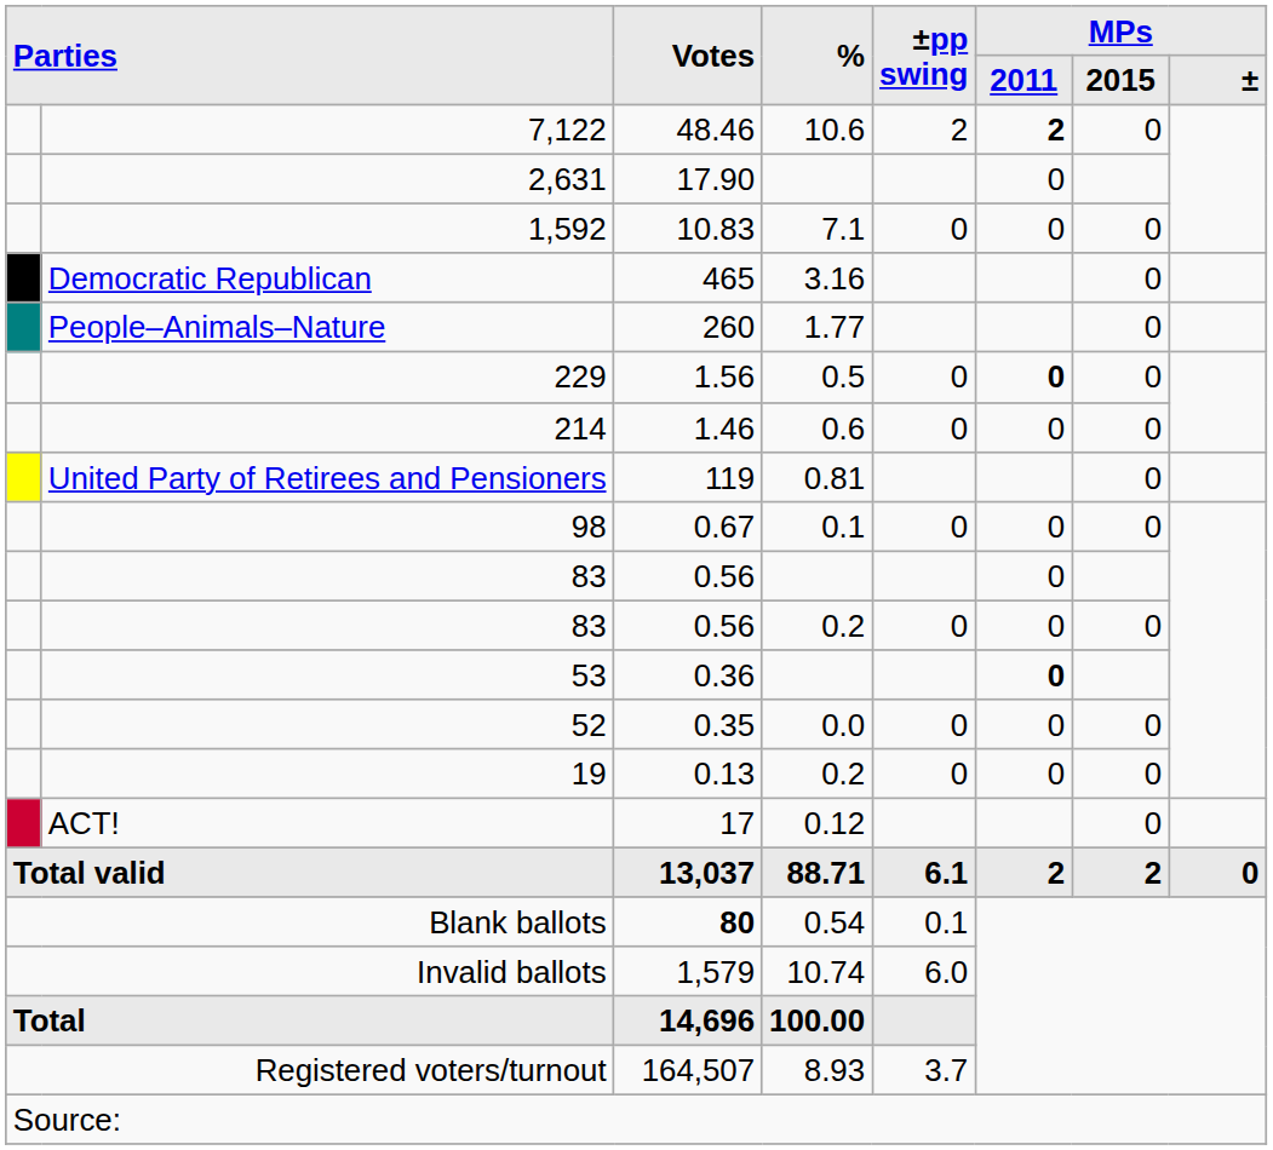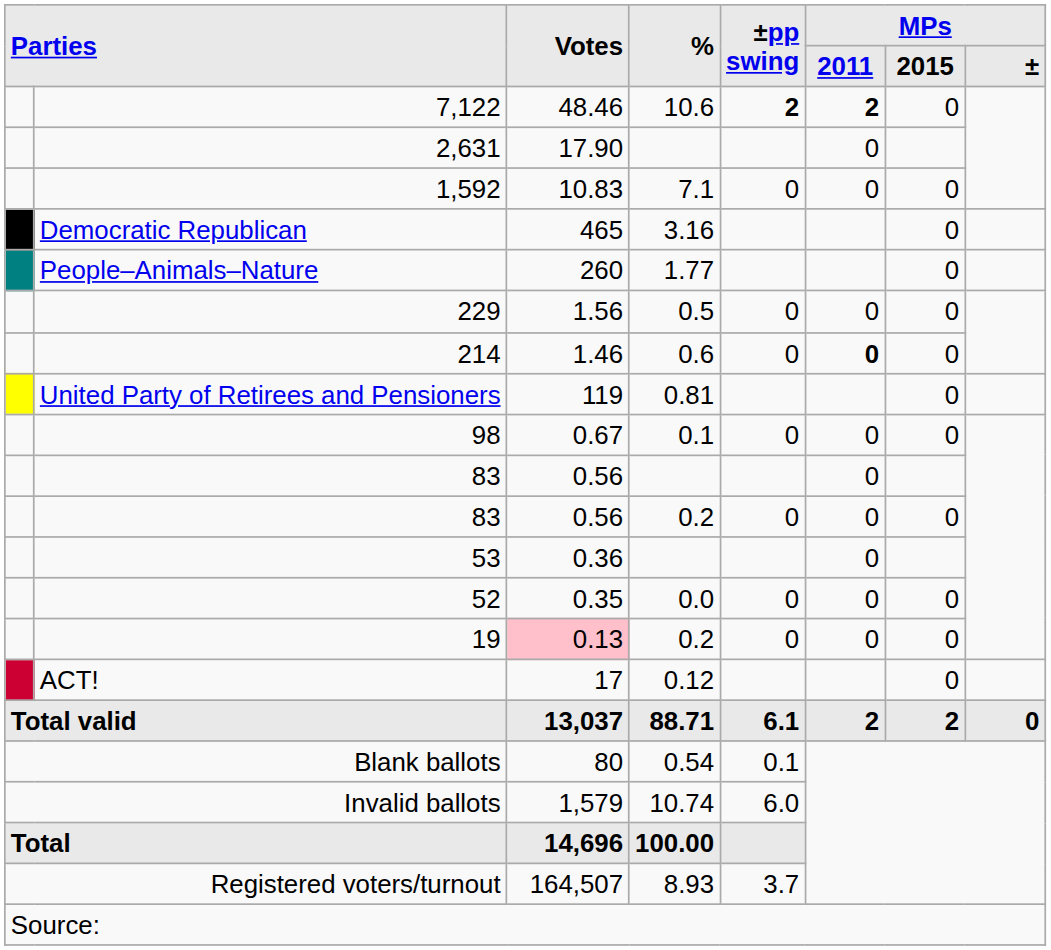 <table class="wikitable" style="text-align:right; font-size:95%;">
 <tr>
 <th rowspan="2" colspan="2" style="background:#e9e9e9; text-align:left;" alignleft><a href='#'>Parties</a></th>
 <th rowspan="2" style="background:#e9e9e9; text-align:right;">Votes</th>
 <th rowspan="2" style="background:#e9e9e9; text-align:right;">%</th>
 <th rowspan="2" style="background:#e9e9e9; text-align:right;">±<a href='#'>pp</a> <a href='#'>swing</a></th>
 <th colspan="3" style="background:#e9e9e9; text-align:center;"><a href='#'>MPs</a></th>
 </tr>
 <tr style="background-color:#E9E9E9">
 <th style="background-color:#E9E9E9;text-align:center;"><a href='#'>2011</a></th>
 <th style="background-color:#E9E9E9;text-align:center;">2015</th>
 <th style="background:#e9e9e9; text-align:right;">±</th>
 </tr>
 <tr>
 <td> </td>
 <td>7,122</td>
 <td>48.46</td>
 <td>10.6</td>
-<td>2</td>
+<td><strong>2</strong></td>
 <td><strong>2</strong></td>
 <td>0</td>
 </tr>
 <tr>
 <td></td>
 <td>2,631</td>
 <td>17.90</td>
 <td></td>
 <td></td>
 <td>0</td>
 <td></td>
 </tr>
 <tr>
 <td></td>
 <td>1,592</td>
 <td>10.83</td>
 <td>7.1</td>
 <td>0</td>
 <td>0</td>
 <td>0</td>
 </tr>
 <tr>
 <td style="width: 10px" bgcolor=black align="center"></td>
 <td align=left><a href='#'>Democratic Republican</a></td>
 <td>465</td>
 <td>3.16</td>
 <td></td>
 <td></td>
 <td>0</td>
 <td></td>
 </tr>
 <tr>
 <td style="width: 10px" bgcolor="teal" align="center"></td>
 <td align="left"><a href='#'>People–Animals–Nature</a></td>
 <td>260</td>
 <td>1.77</td>
 <td></td>
 <td></td>
 <td>0</td>
 <td></td>
 </tr>
 <tr>
 <td></td>
 <td>229</td>
 <td>1.56</td>
 <td>0.5</td>
 <td>0</td>
-<td><strong>0</strong></td>
+<td>0</td>
 <td>0</td>
 </tr>
 <tr>
 <td></td>
 <td>214</td>
 <td>1.46</td>
 <td>0.6</td>
 <td>0</td>
-<td>0</td>
+<td><strong>0</strong></td>
 <td>0</td>
 </tr>
 <tr>
 <td style="width: 10px" bgcolor=yellow align="center"></td>
 <td align=left><a href='#'>United Party of Retirees and Pensioners</a></td>
 <td>119</td>
 <td>0.81</td>
 <td></td>
 <td></td>
 <td>0</td>
 <td></td>
 </tr>
 <tr>
 <td></td>
 <td>98</td>
 <td>0.67</td>
 <td>0.1</td>
 <td>0</td>
 <td>0</td>
 <td>0</td>
 </tr>
 <tr>
 <td></td>
 <td>83</td>
 <td>0.56</td>
 <td></td>
 <td></td>
 <td>0</td>
 <td></td>
 </tr>
 <tr>
 <td></td>
 <td>83</td>
 <td>0.56</td>
 <td>0.2</td>
 <td>0</td>
 <td>0</td>
 <td>0</td>
 </tr>
 <tr>
 <td></td>
 <td>53</td>
 <td>0.36</td>
 <td></td>
 <td></td>
-<td><strong>0</strong></td>
+<td>0</td>
 <td></td>
 </tr>
 <tr>
 <td></td>
 <td>52</td>
 <td>0.35</td>
 <td>0.0</td>
 <td>0</td>
 <td>0</td>
 <td>0</td>
 </tr>
 <tr>
 <td></td>
 <td>19</td>
-<td>0.13</td>
+<td style="background: pink;">0.13</td>
 <td>0.2</td>
 <td>0</td>
 <td>0</td>
 <td>0</td>
 </tr>
 <tr>
 <td style="width:10px; background:#CC0033; text-align:center;"></td>
 <td style="text-align:left;">ACT! </td>
 <td>17</td>
 <td>0.12</td>
 <td></td>
 <td></td>
 <td>0</td>
 <td></td>
 </tr>
 <tr>
 <td colspan=2 align=left style="background-color:#E9E9E9"><strong>Total valid</strong></td>
 <td width="65" align="right" style="background-color:#E9E9E9"><strong>13,037</strong></td>
 <td width="40" align="right" style="background-color:#E9E9E9"><strong>88.71</strong></td>
 <td width="40" align="right" style="background-color:#E9E9E9"><strong>6.1</strong></td>
 <td width="40" align="right" style="background-color:#E9E9E9"><strong>2</strong></td>
 <td width="40" align="right" style="background-color:#E9E9E9"><strong>2</strong></td>
 <td width="40" align="right" style="background-color:#E9E9E9"><strong>0</strong></td>
 </tr>
 <tr>
 <td colspan=2>Blank ballots</td>
-<td><strong>80</strong></td>
+<td>80</td>
 <td>0.54</td>
 <td>0.1</td>
 <td colspan=4 rowspan=4></td>
 </tr>
 <tr>
 <td colspan=2>Invalid ballots</td>
 <td>1,579</td>
 <td>10.74</td>
 <td>6.0</td>
 </tr>
 <tr>
 <td colspan=2 width="259" align=left style="background-color:#E9E9E9"><strong>Total</strong></td>
 <td width="50" align="right" style="background-color:#E9E9E9"><strong>14,696</strong></td>
 <td width="40" align="right" style="background-color:#E9E9E9"><strong>100.00</strong></td>
 <td width="40" align="right" style="background-color:#E9E9E9"></td>
 </tr>
 <tr>
 <td colspan=2>Registered voters/turnout</td>
 <td>164,507</td>
 <td>8.93</td>
 <td>3.7</td>
 </tr>
 <tr>
 <td colspan=11 align=left>Source: </td>
 </tr>
 </table>
